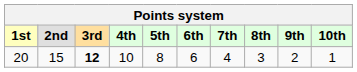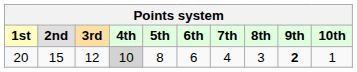 <table class="wikitable" style="font-size: 85%; text-align: center">
 <tr>
 <th colspan=19>Points system</th>
 </tr>
 <tr>
 <td style="background:#ffffbf;"> <strong>1st</strong> </td>
 <td style="background:#dfdfdf;"> <strong>2nd</strong> </td>
 <td style="background:#ffdf9f;"> <strong>3rd</strong> </td>
 <td style="background:#dfffdf;"> <strong>4th</strong> </td>
 <td style="background:#dfffdf;"> <strong>5th</strong> </td>
 <td style="background:#dfffdf;"> <strong>6th</strong> </td>
 <td style="background:#dfffdf;"> <strong>7th</strong> </td>
 <td style="background:#dfffdf;"> <strong>8th</strong> </td>
 <td style="background:#dfffdf;"> <strong>9th</strong> </td>
 <td style="background:#dfffdf;"> <strong>10th</strong> </td>
 </tr>
 <tr>
 <td>20</td>
 <td>15</td>
-<td><strong>12</strong></td>
-<td>10</td>
+<td>12</td>
+<td style="background: lightgrey;">10</td>
 <td>8</td>
 <td>6</td>
 <td>4</td>
 <td>3</td>
-<td>2</td>
+<td><strong>2</strong></td>
 <td>1</td>
 </tr>
 </table>
